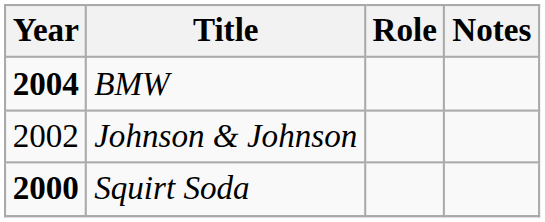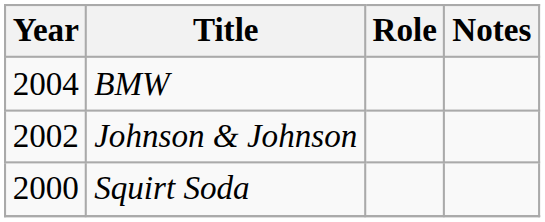 <table class="wikitable sortable">
 <tr>
 <th>Year</th>
 <th>Title</th>
 <th>Role</th>
 <th class="unsortable">Notes</th>
 </tr>
 <tr>
-<td><strong>2004</strong></td>
+<td>2004</td>
 <td><em>BMW</em></td>
 <td></td>
 <td></td>
 </tr>
 <tr>
 <td>2002</td>
 <td><em>Johnson & Johnson</em></td>
 <td></td>
 <td></td>
 </tr>
 <tr>
-<td><strong>2000</strong></td>
+<td>2000</td>
 <td><em>Squirt Soda</em></td>
 <td></td>
 <td></td>
 </tr>
 <tr>
 </tr>
 </table>
